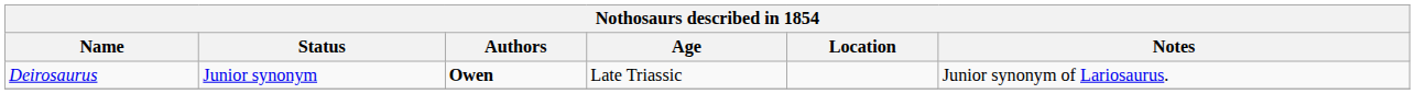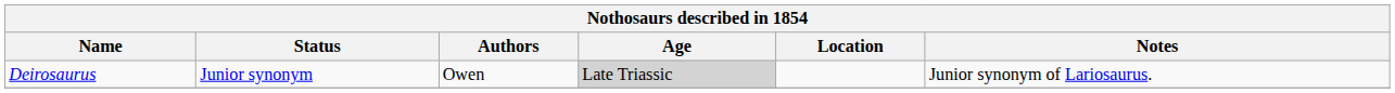 <table class="wikitable" align="center" width="100%">
 <tr>
 <th colspan="9">Nothosaurs described in 1854</th>
 </tr>
 <tr>
 <th>Name</th>
 <th>Status</th>
 <th>Authors</th>
 <th>Age</th>
 <th>Location</th>
 <th>Notes</th>
 </tr>
 <tr>
 <td><em><a href='#'>Deirosaurus</a></em></td>
 <td><a href='#'>Junior synonym</a></td>
-<td><strong>Owen</strong></td>
-<td>Late Triassic</td>
+<td>Owen</td>
+<td style="background: lightgrey;">Late Triassic</td>
 <td></td>
 <td>Junior synonym of <a href='#'>Lariosaurus</a>.</td>
 </tr>
 <tr>
 </tr>
 </table>
